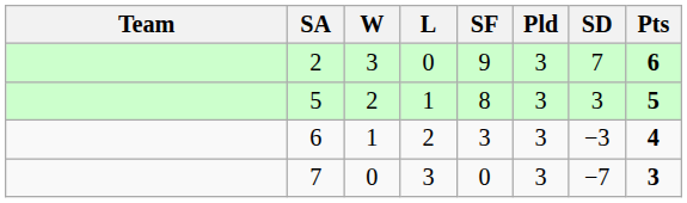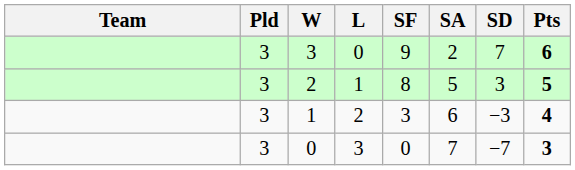 <table class="wikitable" style="text-align: center;">
 <tr>
 <th width=180>Team</th>
-<th width=30>SA</th>
+<th width=30>Pld</th>
 <th width=30>W</th>
 <th width=30>L</th>
 <th width=30>SF</th>
-<th width=30>Pld</th>
+<th width=30>SA</th>
 <th width=30>SD</th>
 <th width=30>Pts</th>
 </tr>
 <tr bgcolor=#CCFFCC>
 <td style="text-align:left;"></td>
-<td>2</td>
+<td>3</td>
 <td>3</td>
 <td>0</td>
 <td>9</td>
-<td>3</td>
+<td>2</td>
 <td>7</td>
 <td><strong>6</strong></td>
 </tr>
 <tr bgcolor=#CCFFCC>
 <td style="text-align:left;"></td>
-<td>5</td>
+<td>3</td>
 <td>2</td>
 <td>1</td>
 <td>8</td>
-<td>3</td>
+<td>5</td>
 <td>3</td>
 <td><strong>5</strong></td>
 </tr>
 <tr>
 <td style="text-align:left;"></td>
-<td>6</td>
+<td>3</td>
 <td>1</td>
 <td>2</td>
 <td>3</td>
-<td>3</td>
+<td>6</td>
 <td>−3</td>
 <td><strong>4</strong></td>
 </tr>
 <tr>
 <td style="text-align:left;"></td>
-<td>7</td>
+<td>3</td>
 <td>0</td>
 <td>3</td>
 <td>0</td>
-<td>3</td>
+<td>7</td>
 <td>−7</td>
 <td><strong>3</strong></td>
 </tr>
 </table>
